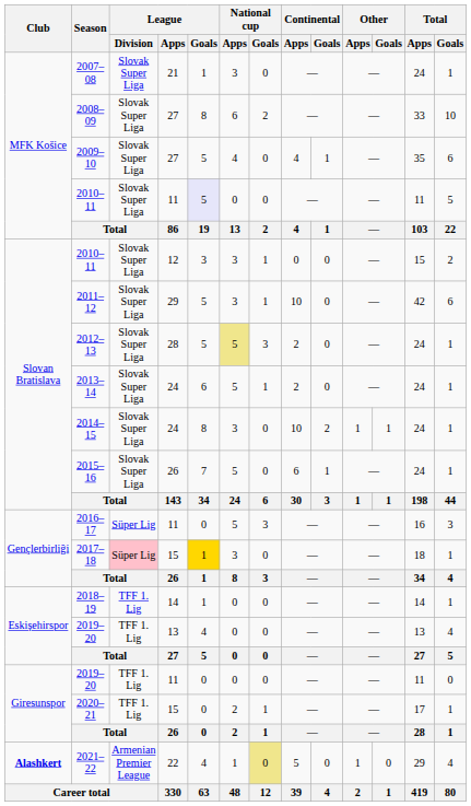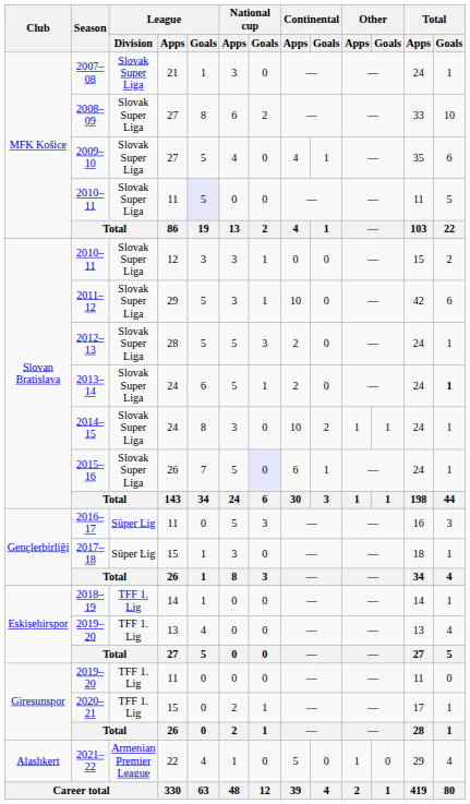 <table class="wikitable" style="text-align:center">
 <tr>
 <th rowspan="2">Club</th>
 <th rowspan="2">Season</th>
 <th colspan="3">League</th>
 <th colspan="2">National cup</th>
 <th colspan="2">Continental</th>
 <th colspan="2">Other</th>
 <th colspan="2">Total</th>
 </tr>
 <tr>
 <th>Division</th>
 <th>Apps</th>
 <th>Goals</th>
 <th>Apps</th>
 <th>Goals</th>
 <th>Apps</th>
 <th>Goals</th>
 <th>Apps</th>
 <th>Goals</th>
 <th>Apps</th>
 <th>Goals</th>
 </tr>
 <tr>
 <td rowspan="5"><a href='#'>MFK Košice</a></td>
 <td><a href='#'>2007–08</a></td>
 <td><a href='#'>Slovak Super Liga</a></td>
 <td>21</td>
 <td>1</td>
 <td>3</td>
 <td>0</td>
 <td colspan="2">—</td>
 <td colspan="2">—</td>
 <td>24</td>
 <td>1</td>
 </tr>
 <tr>
 <td><a href='#'>2008–09</a></td>
 <td>Slovak Super Liga</td>
 <td>27</td>
 <td>8</td>
 <td>6</td>
 <td>2</td>
 <td colspan="2">—</td>
 <td colspan="2">—</td>
 <td>33</td>
 <td>10</td>
 </tr>
 <tr>
 <td><a href='#'>2009–10</a></td>
 <td>Slovak Super Liga</td>
 <td>27</td>
 <td>5</td>
 <td>4</td>
 <td>0</td>
 <td>4</td>
 <td>1</td>
 <td colspan="2">—</td>
 <td>35</td>
 <td>6</td>
 </tr>
 <tr>
 <td><a href='#'>2010–11</a></td>
 <td>Slovak Super Liga</td>
 <td>11</td>
 <td style="background: lavender;">5</td>
 <td>0</td>
 <td>0</td>
 <td colspan="2">—</td>
 <td colspan="2">—</td>
 <td>11</td>
 <td>5</td>
 </tr>
 <tr>
 <th colspan="2">Total</th>
 <th>86</th>
 <th>19</th>
 <th>13</th>
 <th>2</th>
 <th>4</th>
 <th>1</th>
 <th colspan="2">—</th>
 <th>103</th>
 <th>22</th>
 </tr>
 <tr>
 <td rowspan="7"><a href='#'>Slovan Bratislava</a></td>
 <td><a href='#'>2010–11</a></td>
 <td>Slovak Super Liga</td>
 <td>12</td>
 <td>3</td>
 <td>3</td>
 <td>1</td>
 <td>0</td>
 <td>0</td>
 <td colspan="2">—</td>
 <td>15</td>
 <td>2</td>
 </tr>
 <tr>
 <td><a href='#'>2011–12</a></td>
 <td>Slovak Super Liga</td>
 <td>29</td>
 <td>5</td>
 <td>3</td>
 <td>1</td>
 <td>10</td>
 <td>0</td>
 <td colspan="2">—</td>
 <td>42</td>
 <td>6</td>
 </tr>
 <tr>
 <td><a href='#'>2012–13</a></td>
 <td>Slovak Super Liga</td>
 <td>28</td>
 <td>5</td>
-<td style="background: khaki;">5</td>
+<td>5</td>
 <td>3</td>
 <td>2</td>
 <td>0</td>
 <td colspan="2">—</td>
 <td>24</td>
 <td>1</td>
 </tr>
 <tr>
 <td><a href='#'>2013–14</a></td>
 <td>Slovak Super Liga</td>
 <td>24</td>
 <td>6</td>
 <td>5</td>
 <td>1</td>
 <td>2</td>
 <td>0</td>
 <td colspan="2">—</td>
 <td>24</td>
-<td>1</td>
+<td><strong>1</strong></td>
 </tr>
 <tr>
 <td><a href='#'>2014–15</a></td>
 <td>Slovak Super Liga</td>
 <td>24</td>
 <td>8</td>
 <td>3</td>
 <td>0</td>
 <td>10</td>
 <td>2</td>
 <td>1</td>
 <td>1</td>
 <td>24</td>
 <td>1</td>
 </tr>
 <tr>
 <td><a href='#'>2015–16</a></td>
 <td>Slovak Super Liga</td>
 <td>26</td>
 <td>7</td>
 <td>5</td>
-<td>0</td>
+<td style="background: lavender;">0</td>
 <td>6</td>
 <td>1</td>
 <td colspan="2">—</td>
 <td>24</td>
 <td>1</td>
 </tr>
 <tr>
 <th colspan="2">Total</th>
 <th>143</th>
 <th>34</th>
 <th>24</th>
 <th>6</th>
 <th>30</th>
 <th>3</th>
 <th>1</th>
 <th>1</th>
 <th>198</th>
 <th>44</th>
 </tr>
 <tr>
 <td rowspan="3"><a href='#'>Gençlerbirliği</a></td>
 <td><a href='#'>2016–17</a></td>
 <td><a href='#'>Süper Lig</a></td>
 <td>11</td>
 <td>0</td>
 <td>5</td>
 <td>3</td>
 <td colspan="2">—</td>
 <td colspan="2">—</td>
 <td>16</td>
 <td>3</td>
 </tr>
 <tr>
 <td><a href='#'>2017–18</a></td>
-<td style="background: pink;">Süper Lig</td>
+<td>Süper Lig</td>
 <td>15</td>
-<td style="background: gold;">1</td>
+<td>1</td>
 <td>3</td>
 <td>0</td>
 <td colspan="2">—</td>
 <td colspan="2">—</td>
 <td>18</td>
 <td>1</td>
 </tr>
 <tr>
 <th colspan="2">Total</th>
 <th>26</th>
 <th>1</th>
 <th>8</th>
 <th>3</th>
 <th colspan="2">—</th>
 <th colspan="2">—</th>
 <th>34</th>
 <th>4</th>
 </tr>
 <tr>
 <td rowspan="3"><a href='#'>Eskişehirspor</a></td>
 <td><a href='#'>2018–19</a></td>
 <td><a href='#'>TFF 1. Lig</a></td>
 <td>14</td>
 <td>1</td>
 <td>0</td>
 <td>0</td>
 <td colspan="2">—</td>
 <td colspan="2">—</td>
 <td>14</td>
 <td>1</td>
 </tr>
 <tr>
 <td><a href='#'>2019–20</a></td>
 <td>TFF 1. Lig</td>
 <td>13</td>
 <td>4</td>
 <td>0</td>
 <td>0</td>
 <td colspan="2">—</td>
 <td colspan="2">—</td>
 <td>13</td>
 <td>4</td>
 </tr>
 <tr>
 <th colspan="2">Total</th>
 <th>27</th>
 <th>5</th>
 <th>0</th>
 <th>0</th>
 <th colspan="2">—</th>
 <th colspan="2">—</th>
 <th>27</th>
 <th>5</th>
 </tr>
 <tr>
 <td rowspan="3"><a href='#'>Giresunspor</a></td>
 <td><a href='#'>2019–20</a></td>
 <td>TFF 1. Lig</td>
 <td>11</td>
 <td>0</td>
 <td>0</td>
 <td>0</td>
 <td colspan="2">—</td>
 <td colspan="2">—</td>
 <td>11</td>
 <td>0</td>
 </tr>
 <tr>
 <td><a href='#'>2020–21</a></td>
 <td>TFF 1. Lig</td>
 <td>15</td>
 <td>0</td>
 <td>2</td>
 <td>1</td>
 <td colspan="2">—</td>
 <td colspan="2">—</td>
 <td>17</td>
 <td>1</td>
 </tr>
 <tr>
 <th colspan="2">Total</th>
 <th>26</th>
 <th>0</th>
 <th>2</th>
 <th>1</th>
 <th colspan="2">—</th>
 <th colspan="2">—</th>
 <th>28</th>
 <th>1</th>
 </tr>
 <tr>
-<td><strong><a href='#'>Alashkert</a></strong></td>
+<td><a href='#'>Alashkert</a></td>
 <td><a href='#'>2021–22</a></td>
 <td><a href='#'>Armenian Premier League</a></td>
 <td>22</td>
 <td>4</td>
 <td>1</td>
-<td style="background: khaki;">0</td>
+<td>0</td>
 <td>5</td>
 <td>0</td>
 <td>1</td>
 <td>0</td>
 <td>29</td>
 <td>4</td>
 </tr>
 <tr>
 <th colspan="3">Career total</th>
 <th>330</th>
 <th>63</th>
 <th>48</th>
 <th>12</th>
 <th>39</th>
 <th>4</th>
 <th>2</th>
 <th>1</th>
 <th>419</th>
 <th>80</th>
 </tr>
 </table>
